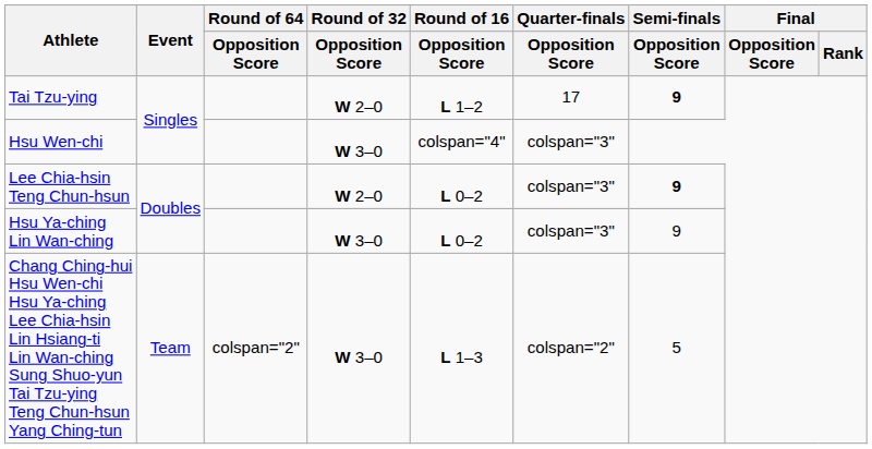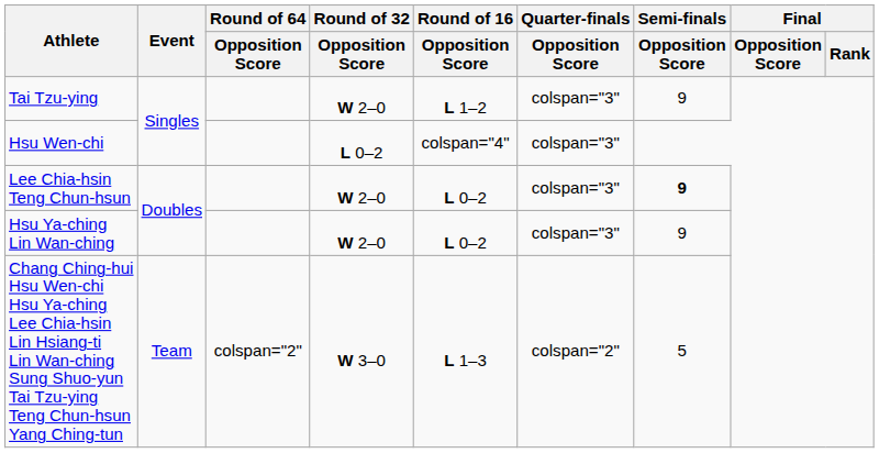 <table class="wikitable" style="text-align:center; font-size:90%">
 <tr>
 <th rowspan="2">Athlete</th>
 <th rowspan="2">Event</th>
 <th>Round of 64</th>
 <th>Round of 32</th>
 <th>Round of 16</th>
 <th>Quarter-finals</th>
 <th>Semi-finals</th>
 <th colspan="2">Final</th>
 </tr>
 <tr>
 <th>Opposition<br>Score</th>
 <th>Opposition<br>Score</th>
 <th>Opposition<br>Score</th>
 <th>Opposition<br>Score</th>
 <th>Opposition<br>Score</th>
 <th>Opposition<br>Score</th>
 <th>Rank</th>
 </tr>
 <tr>
 <td align="left"><a href='#'>Tai Tzu-ying</a></td>
 <td rowspan="2"><a href='#'>Singles</a></td>
 <td></td>
 <td><br><strong>W</strong> 2–0</td>
 <td><br><strong>L</strong> 1–2</td>
-<td>17</td>
-<td><strong>9</strong></td>
+<td>colspan="3" </td>
+<td>9</td>
 </tr>
 <tr>
 <td align="left"><a href='#'>Hsu Wen-chi</a></td>
 <td></td>
-<td><br><strong>W</strong> 3–0</td>
+<td><br><strong>L</strong> 0–2</td>
 <td>colspan="4" </td>
 <td>colspan="3" </td>
 </tr>
 <tr>
 <td align="left"><a href='#'>Lee Chia-hsin</a><br><a href='#'>Teng Chun-hsun</a></td>
 <td rowspan="2"><a href='#'>Doubles</a></td>
 <td></td>
 <td><br><strong>W</strong> 2–0</td>
 <td><br><strong>L</strong> 0–2</td>
 <td>colspan="3" </td>
 <td><strong>9</strong></td>
 </tr>
 <tr>
 <td align="left"><a href='#'>Hsu Ya-ching</a><br><a href='#'>Lin Wan-ching</a></td>
 <td></td>
-<td><br><strong>W</strong> 3–0</td>
+<td><br><strong>W</strong> 2–0</td>
 <td><br><strong>L</strong> 0–2</td>
 <td>colspan="3" </td>
 <td>9</td>
 </tr>
 <tr>
 <td align="left"><a href='#'>Chang Ching-hui</a><br><a href='#'>Hsu Wen-chi</a><br><a href='#'>Hsu Ya-ching</a><br><a href='#'>Lee Chia-hsin</a><br><a href='#'>Lin Hsiang-ti</a><br><a href='#'>Lin Wan-ching</a><br><a href='#'>Sung Shuo-yun</a><br><a href='#'>Tai Tzu-ying</a><br><a href='#'>Teng Chun-hsun</a><br><a href='#'>Yang Ching-tun</a></td>
 <td><a href='#'>Team</a></td>
 <td>colspan="2" </td>
 <td><br><strong>W</strong> 3–0</td>
 <td><br><strong>L</strong> 1–3</td>
 <td>colspan="2" </td>
 <td>5</td>
 </tr>
 </table>
